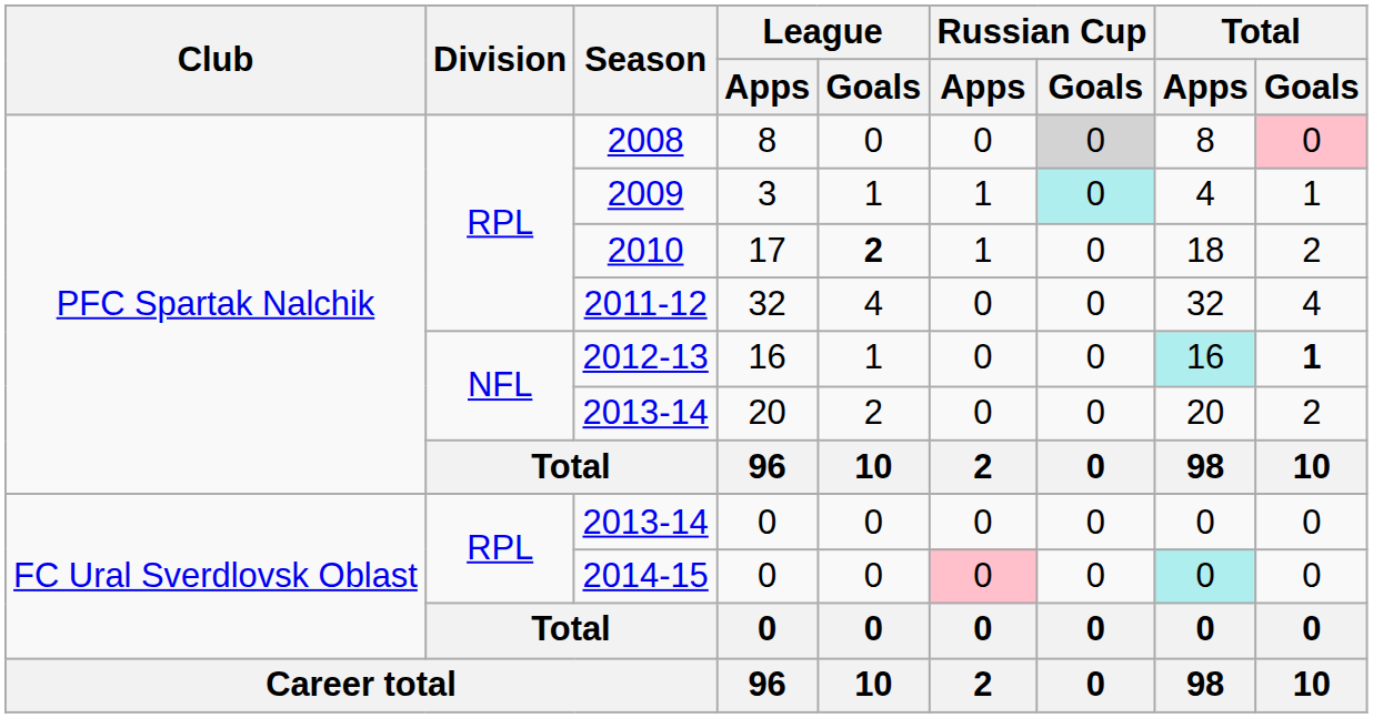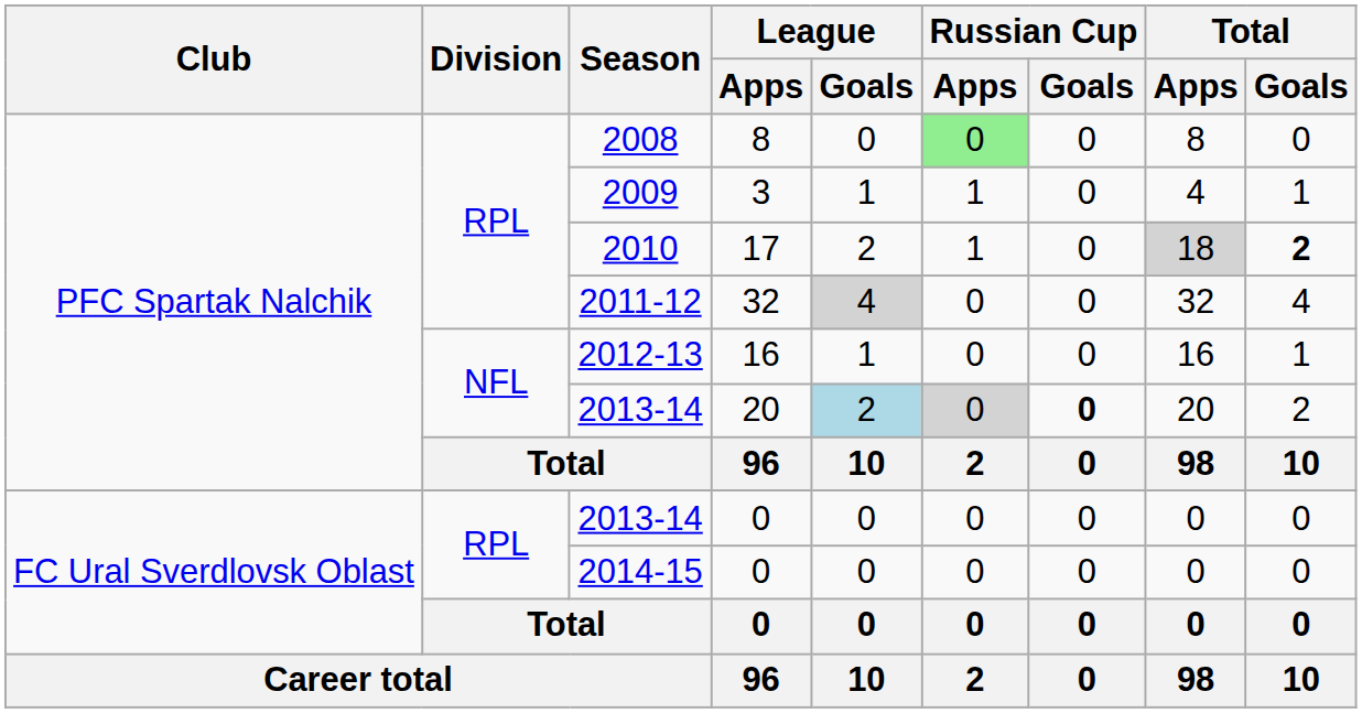 <table class="wikitable" style="text-align: center;">
 <tr>
 <th rowspan="2">Club</th>
 <th rowspan="2">Division</th>
 <th rowspan="2">Season</th>
 <th colspan="2">League</th>
 <th colspan="2">Russian Cup</th>
 <th colspan="2">Total</th>
 </tr>
 <tr>
 <th>Apps</th>
 <th>Goals</th>
 <th>Apps</th>
 <th>Goals</th>
 <th>Apps</th>
 <th>Goals</th>
 </tr>
 <tr>
 <td rowspan="7"><a href='#'>PFC Spartak Nalchik</a></td>
 <td rowspan="4"><a href='#'>RPL</a></td>
 <td><a href='#'>2008</a></td>
 <td>8</td>
 <td>0</td>
+<td style="background: lightgreen;">0</td>
 <td>0</td>
-<td style="background: lightgrey;">0</td>
 <td>8</td>
-<td style="background: pink;">0</td>
+<td>0</td>
 </tr>
 <tr>
 <td><a href='#'>2009</a></td>
 <td>3</td>
 <td>1</td>
 <td>1</td>
-<td style="background: paleturquoise;">0</td>
+<td>0</td>
 <td>4</td>
 <td>1</td>
 </tr>
 <tr>
 <td><a href='#'>2010</a></td>
 <td>17</td>
-<td><strong>2</strong></td>
+<td>2</td>
 <td>1</td>
 <td>0</td>
-<td>18</td>
-<td>2</td>
+<td style="background: lightgrey;">18</td>
+<td><strong>2</strong></td>
 </tr>
 <tr>
 <td><a href='#'>2011-12</a></td>
 <td>32</td>
-<td>4</td>
+<td style="background: lightgrey;">4</td>
 <td>0</td>
 <td>0</td>
 <td>32</td>
 <td>4</td>
 </tr>
 <tr>
 <td rowspan="2"><a href='#'>NFL</a></td>
 <td><a href='#'>2012-13</a></td>
 <td>16</td>
 <td>1</td>
 <td>0</td>
 <td>0</td>
-<td style="background: paleturquoise;">16</td>
-<td><strong>1</strong></td>
+<td>16</td>
+<td>1</td>
 </tr>
 <tr>
 <td><a href='#'>2013-14</a></td>
 <td>20</td>
-<td>2</td>
-<td>0</td>
-<td>0</td>
+<td style="background: lightblue;">2</td>
+<td style="background: lightgrey;">0</td>
+<td><strong>0</strong></td>
 <td>20</td>
 <td>2</td>
 </tr>
 <tr>
 <th colspan="2">Total</th>
 <th>96</th>
 <th>10</th>
 <th>2</th>
 <th>0</th>
 <th>98</th>
 <th>10</th>
 </tr>
 <tr>
 <td rowspan="3"><a href='#'>FC Ural Sverdlovsk Oblast</a></td>
 <td rowspan="2"><a href='#'>RPL</a></td>
 <td><a href='#'>2013-14</a></td>
 <td>0</td>
 <td>0</td>
 <td>0</td>
 <td>0</td>
 <td>0</td>
 <td>0</td>
 </tr>
 <tr>
 <td><a href='#'>2014-15</a></td>
 <td>0</td>
 <td>0</td>
-<td style="background: pink;">0</td>
 <td>0</td>
-<td style="background: paleturquoise;">0</td>
+<td>0</td>
+<td>0</td>
 <td>0</td>
 </tr>
 <tr>
 <th colspan="2">Total</th>
 <th>0</th>
 <th>0</th>
 <th>0</th>
 <th>0</th>
 <th>0</th>
 <th>0</th>
 </tr>
 <tr>
 <th colspan="3">Career total</th>
 <th>96</th>
 <th>10</th>
 <th>2</th>
 <th>0</th>
 <th>98</th>
 <th>10</th>
 </tr>
 </table>
